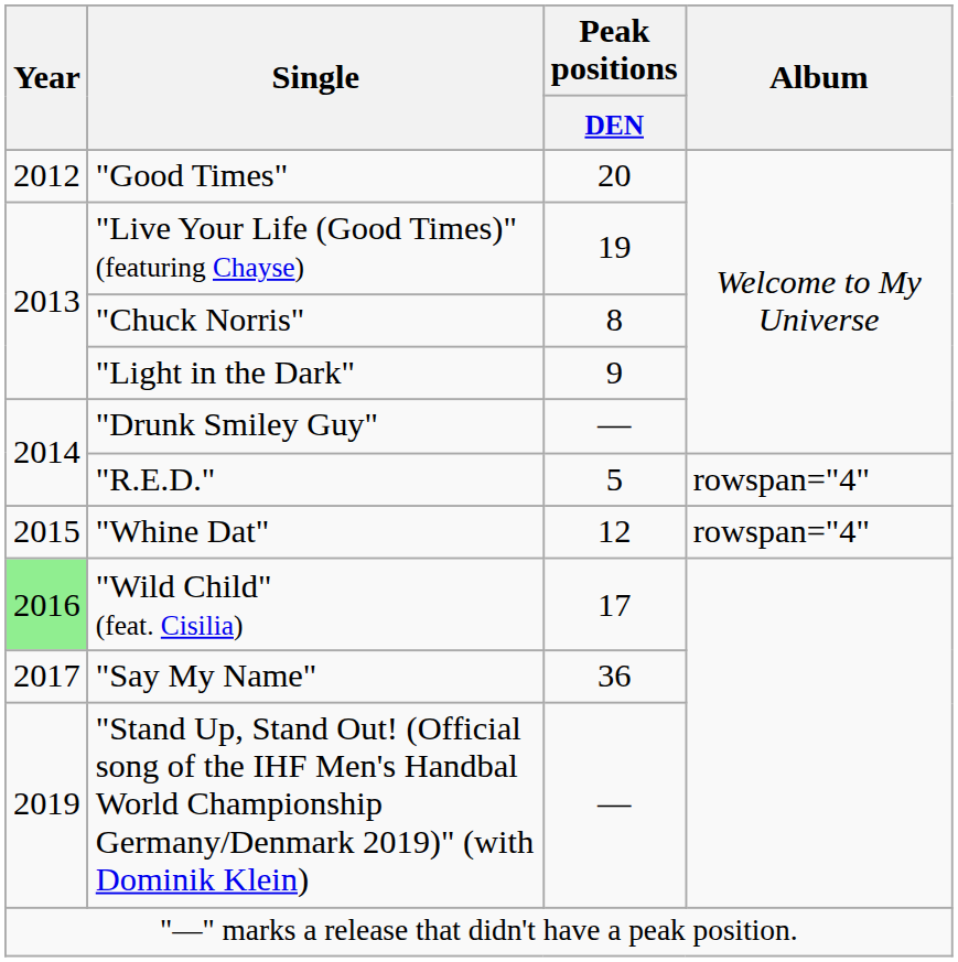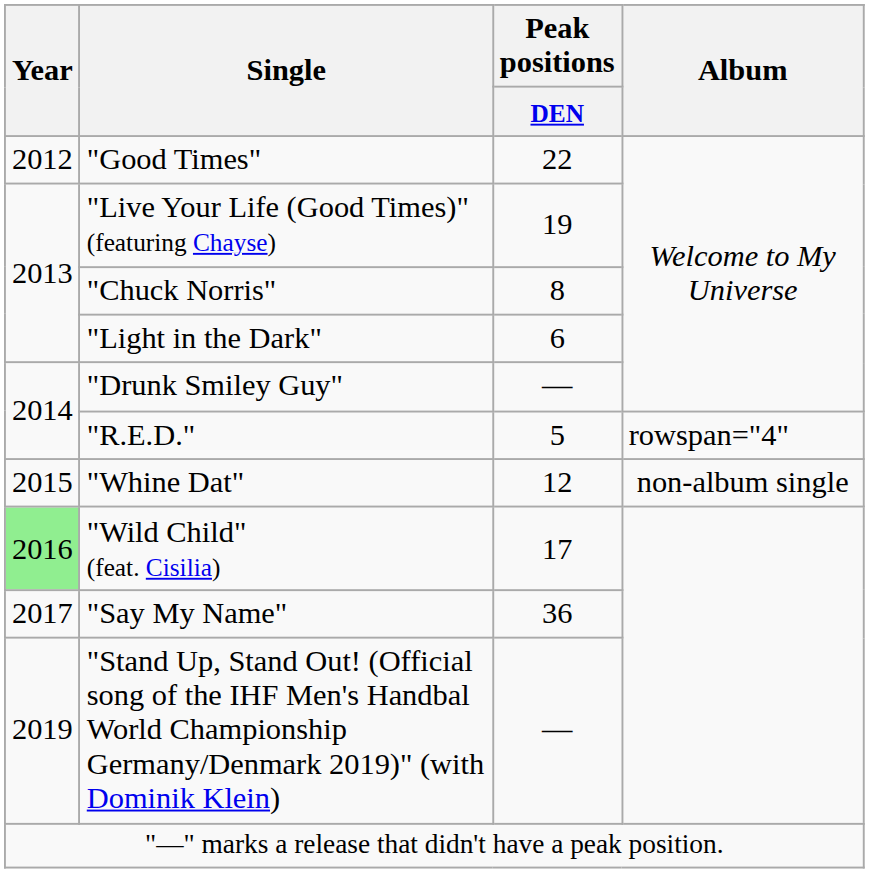 <table class="wikitable">
 <tr>
 <th align="center" rowspan="2" width="10">Year</th>
 <th align="center" rowspan="2" width="210">Single</th>
 <th align="center" colspan="1" width="20">Peak positions</th>
 <th align="center" rowspan="2" width="120">Album</th>
 </tr>
 <tr>
 <th width="20"><small><a href='#'>DEN</a></small><br></th>
 </tr>
 <tr>
 <td>2012</td>
 <td>"Good Times"</td>
-<td style="text-align:center;">20</td>
+<td style="text-align:center;">22</td>
 <td style="text-align:center;" rowspan="5"><em>Welcome to My Universe</em></td>
 </tr>
 <tr>
 <td rowspan=3>2013</td>
 <td>"Live Your Life (Good Times)"<br><small>(featuring <a href='#'>Chayse</a>)</small></td>
 <td style="text-align:center;">19</td>
 </tr>
 <tr>
 <td>"Chuck Norris"</td>
 <td style="text-align:center;">8</td>
 </tr>
 <tr>
 <td>"Light in the Dark"</td>
-<td style="text-align:center;">9</td>
+<td style="text-align:center;">6</td>
 </tr>
 <tr>
 <td rowspan=2>2014</td>
 <td>"Drunk Smiley Guy"</td>
 <td style="text-align:center;">—</td>
 </tr>
 <tr>
 <td>"R.E.D."</td>
 <td style="text-align:center;">5</td>
 <td>rowspan="4" </td>
 </tr>
 <tr>
 <td>2015</td>
 <td>"Whine Dat"</td>
 <td style="text-align:center;">12</td>
-<td>rowspan="4" </td>
+<td style="text-align:center;">non-album single</td>
 </tr>
 <tr>
 <td style="background: lightgreen;">2016</td>
 <td>"Wild Child" <br><small>(feat. <a href='#'>Cisilia</a>)</small></td>
 <td style="text-align:center;">17</td>
 </tr>
 <tr>
 <td>2017</td>
 <td>"Say My Name"</td>
 <td style="text-align:center;">36<br></td>
 </tr>
 <tr>
 <td>2019</td>
 <td>"Stand Up, Stand Out! (Official song of the IHF Men's Handbal World Championship Germany/Denmark 2019)" (with <a href='#'>Dominik Klein</a>)</td>
 <td style="text-align:center;">—</td>
 </tr>
 <tr>
 <td colspan="6" style="font-size:90%;text-align:center;">"—" marks a release that didn't have a peak position.</td>
 </tr>
 </table>
